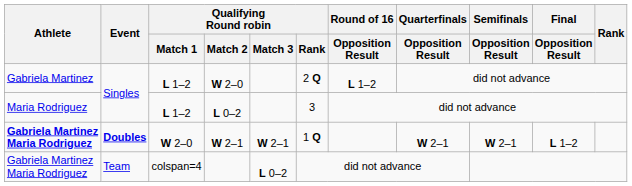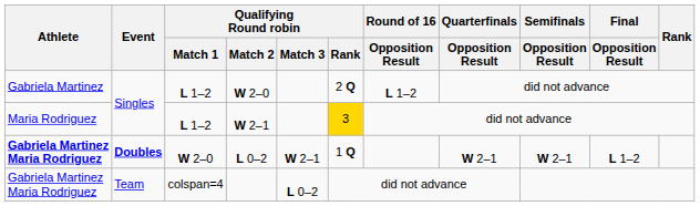 <table class="wikitable" style="font-size:90%">
 <tr>
 <th rowspan="2">Athlete</th>
 <th rowspan="2">Event</th>
 <th colspan="4">Qualifying<br>Round robin</th>
 <th>Round of 16</th>
 <th>Quarterfinals</th>
 <th>Semifinals</th>
 <th>Final</th>
 <th rowspan="2">Rank</th>
 </tr>
 <tr>
 <th>Match 1</th>
 <th>Match 2</th>
 <th>Match 3</th>
 <th>Rank</th>
 <th>Opposition<br>Result</th>
 <th>Opposition<br>Result</th>
 <th>Opposition<br>Result</th>
 <th>Opposition<br>Result</th>
 </tr>
 <tr align=center>
 <td align=left><a href='#'>Gabriela Martinez</a></td>
 <td rowspan=2 align=left><a href='#'>Singles</a></td>
 <td><br><strong>L</strong> 1–2</td>
 <td><br><strong>W</strong> 2–0</td>
 <td></td>
 <td>2 <strong>Q</strong></td>
 <td><br><strong>L</strong> 1–2</td>
 <td colspan=4>did not advance</td>
 </tr>
 <tr align=center>
 <td align=left><a href='#'>Maria Rodriguez</a></td>
 <td><br><strong>L</strong> 1–2</td>
-<td><br><strong>L</strong> 0–2</td>
+<td><br><strong>W</strong> 2–1</td>
 <td></td>
-<td>3</td>
+<td style="background: gold;">3</td>
 <td colspan=5>did not advance</td>
 </tr>
 <tr align=center>
 <td align=left><strong><a href='#'>Gabriela Martinez</a><br><a href='#'>Maria Rodriguez</a></strong></td>
 <td align=left><strong><a href='#'>Doubles</a></strong></td>
 <td><br><strong>W</strong> 2–0</td>
-<td><br><strong>W</strong> 2–1</td>
+<td><br><strong>L</strong> 0–2</td>
 <td><br><strong>W</strong> 2–1</td>
 <td>1 <strong>Q</strong></td>
 <td></td>
 <td><br><strong>W</strong> 2–1</td>
 <td><br><strong>W</strong> 2–1</td>
 <td><br><strong>L</strong> 1–2</td>
 <td></td>
 </tr>
 <tr align=center>
 <td align=left><a href='#'>Gabriela Martinez</a><br><a href='#'>Maria Rodriguez</a></td>
 <td align=left><a href='#'>Team</a></td>
 <td>colspan=4 </td>
 <td></td>
 <td><br><strong>L</strong> 0–2</td>
 <td colspan=3>did not advance</td>
 </tr>
 </table>
